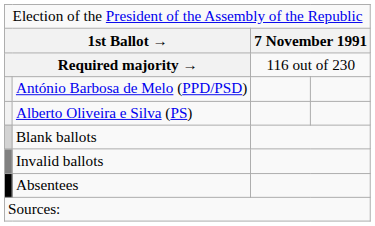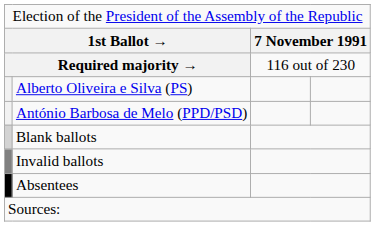 <table class="wikitable" style="text-align:center;">
 <tr>
 <td colspan="4" align="center">Election of the <a href='#'>President of the Assembly of the Republic</a></td>
 </tr>
 <tr>
 <th colspan="2" width="225px">1st Ballot →</th>
 <th colspan="2">7 November 1991</th>
 </tr>
 <tr>
 <th colspan="2">Required majority →</th>
 <td colspan="2">116 out of 230</td>
 </tr>
 <tr>
 <th width="1px" style="background:"></th>
-<td align="left"><a href='#'>António Barbosa de Melo</a> (<a href='#'>PPD/PSD</a>)</td>
+<td align="left"><a href='#'>Alberto Oliveira e Silva</a> (<a href='#'>PS</a>)</td>
 <td></td>
 <td></td>
 </tr>
 <tr>
 <th width="1px" style="background:"></th>
-<td align="left"><a href='#'>Alberto Oliveira e Silva</a> (<a href='#'>PS</a>)</td>
+<td align="left"><a href='#'>António Barbosa de Melo</a> (<a href='#'>PPD/PSD</a>)</td>
 <td></td>
 <td></td>
 </tr>
 <tr>
 <th style="background:lightgray;"></th>
 <td align="left">Blank ballots</td>
 <td colspan="2"></td>
 </tr>
 <tr>
 <th style="background:gray;"></th>
 <td align="left">Invalid ballots</td>
 <td colspan="2"></td>
 </tr>
 <tr>
 <th style="background:black;"></th>
 <td align="left">Absentees</td>
 <td colspan="2"></td>
 </tr>
 <tr>
 <td align="left" colspan="4">Sources:</td>
 </tr>
 </table>
